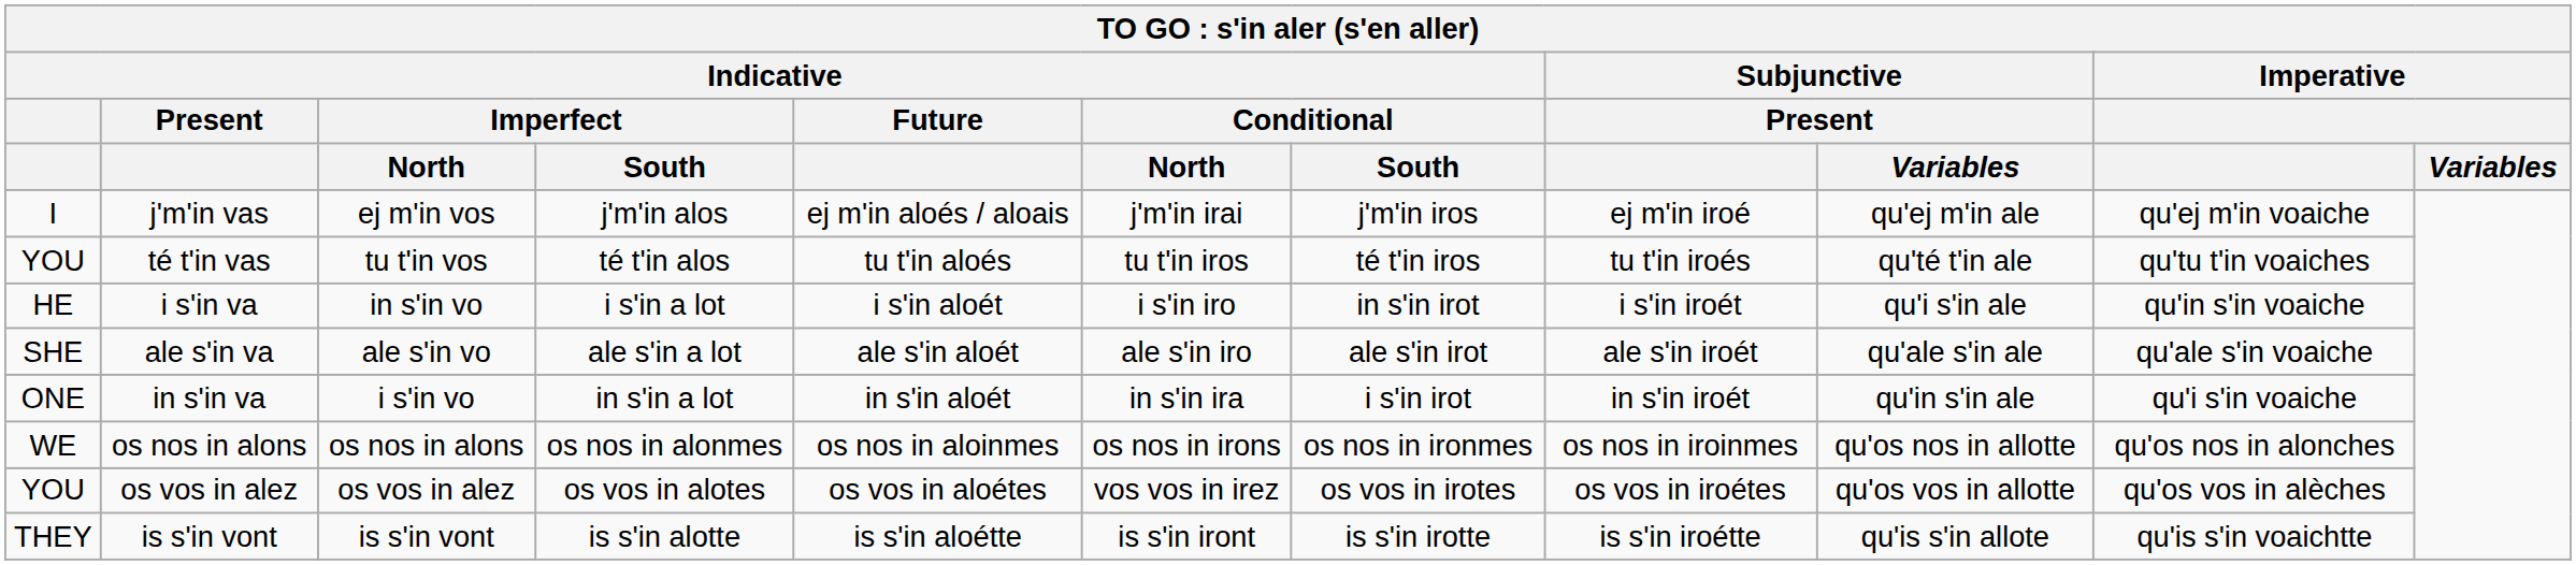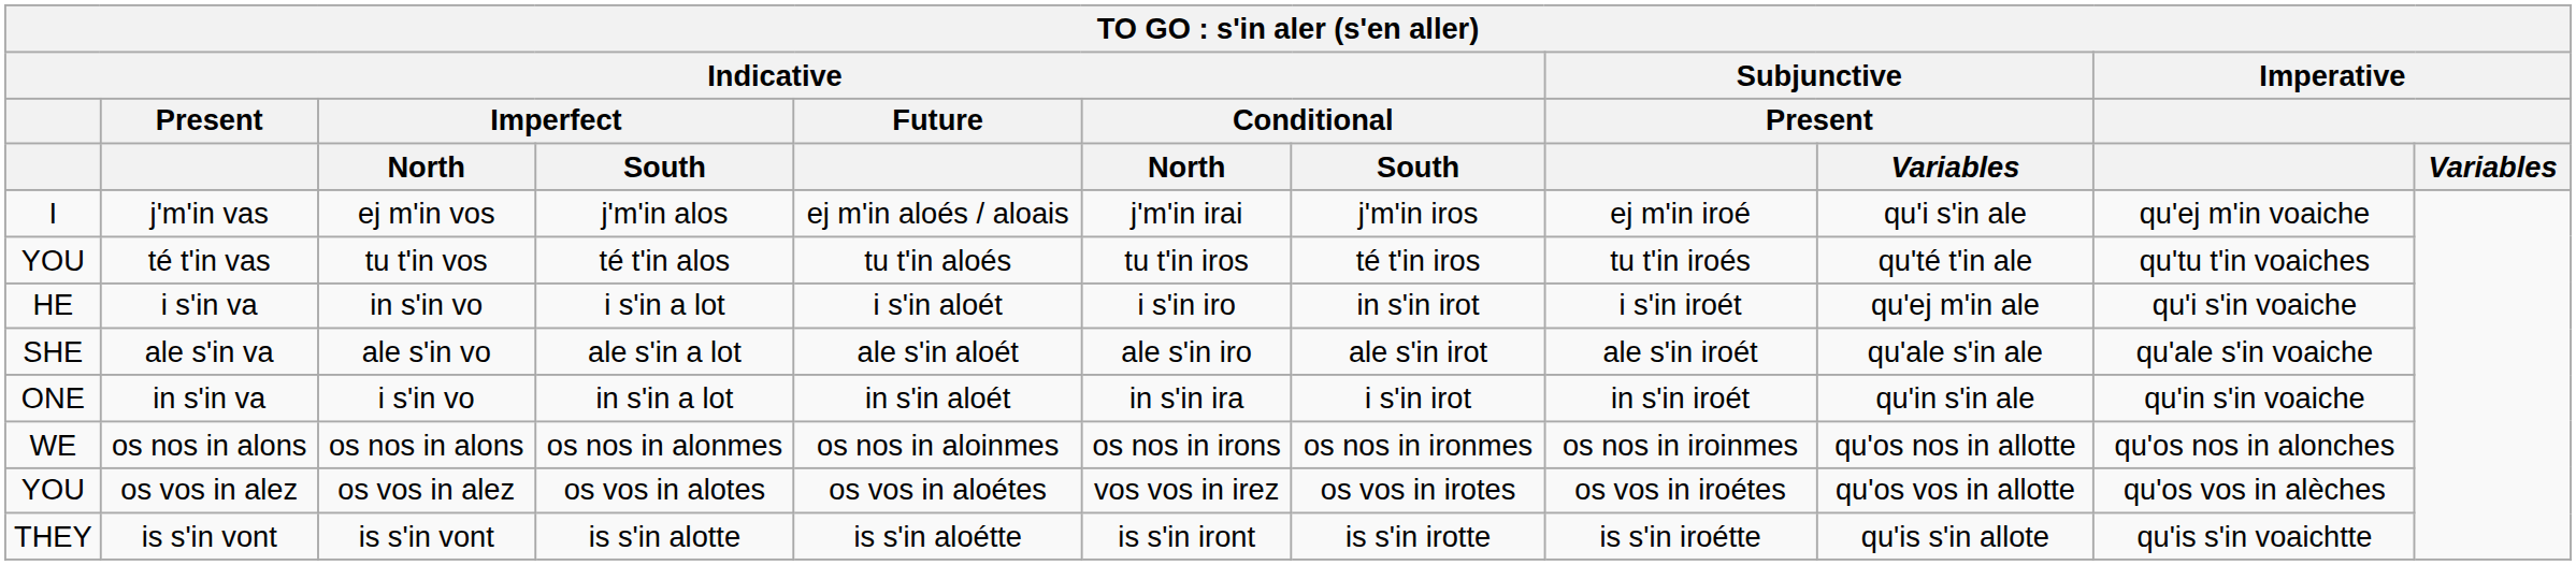 <table class="wikitable centre" style="width:100%;text-align:center;font-size:90%;">
 <tr>
 <th colspan="11" width=100%>TO GO : s'in aler (s'en aller)</th>
 </tr>
 <tr>
 <th colspan="7" width=60%>Indicative</th>
 <th colspan="2">Subjunctive</th>
 <th colspan="2">Imperative</th>
 </tr>
 <tr>
 <th></th>
 <th>Present</th>
 <th colspan="2">Imperfect</th>
 <th>Future</th>
 <th colspan="2">Conditional</th>
 <th colspan="2">Present</th>
 <th colspan="2"></th>
 </tr>
 <tr>
 <th></th>
 <th></th>
 <th>North</th>
 <th>South</th>
 <th></th>
 <th>North</th>
 <th>South</th>
 <th></th>
 <th><em>Variables</em></th>
 <th></th>
 <th><em>Variables</em></th>
 </tr>
 <tr>
 <td>I</td>
 <td>j'm'in vas</td>
 <td>ej m'in vos</td>
 <td>j'm'in alos</td>
 <td>ej m'in aloés / aloais</td>
 <td>j'm'in irai</td>
 <td>j'm'in iros</td>
 <td>ej m'in iroé</td>
-<td>qu'ej m'in ale</td>
+<td>qu'i s'in ale</td>
 <td>qu'ej m'in voaiche</td>
 </tr>
 <tr>
 <td>YOU</td>
 <td>té t'in vas</td>
 <td>tu t'in vos</td>
 <td>té t'in alos</td>
 <td>tu t'in aloés</td>
 <td>tu t'in iros</td>
 <td>té t'in iros</td>
 <td>tu t'in iroés</td>
 <td>qu'té t'in ale</td>
 <td>qu'tu t'in voaiches</td>
 </tr>
 <tr>
 <td>HE</td>
 <td>i s'in va</td>
 <td>in s'in vo</td>
 <td>i s'in a lot</td>
 <td>i s'in aloét</td>
 <td>i s'in iro</td>
 <td>in s'in irot</td>
 <td>i s'in iroét</td>
-<td>qu'i s'in ale</td>
-<td>qu'in s'in voaiche</td>
+<td>qu'ej m'in ale</td>
+<td>qu'i s'in voaiche</td>
 </tr>
 <tr>
 <td>SHE</td>
 <td>ale s'in va</td>
 <td>ale s'in vo</td>
 <td>ale s'in a lot</td>
 <td>ale s'in aloét</td>
 <td>ale s'in iro</td>
 <td>ale s'in irot</td>
 <td>ale s'in iroét</td>
 <td>qu'ale s'in ale</td>
 <td>qu'ale s'in voaiche</td>
 </tr>
 <tr>
 <td>ONE</td>
 <td>in s'in va</td>
 <td>i s'in vo</td>
 <td>in s'in a lot</td>
 <td>in s'in aloét</td>
 <td>in s'in ira</td>
 <td>i s'in irot</td>
 <td>in s'in iroét</td>
 <td>qu'in s'in ale</td>
-<td>qu'i s'in voaiche</td>
+<td>qu'in s'in voaiche</td>
 </tr>
 <tr>
 <td>WE</td>
 <td>os nos in alons</td>
 <td>os nos in alons</td>
 <td>os nos in alonmes</td>
 <td>os nos in aloinmes</td>
 <td>os nos in irons</td>
 <td>os nos in ironmes</td>
 <td>os nos in iroinmes</td>
 <td>qu'os nos in allotte</td>
 <td>qu'os nos in alonches</td>
 </tr>
 <tr>
 <td>YOU</td>
 <td>os vos in alez</td>
 <td>os vos in alez</td>
 <td>os vos in alotes</td>
 <td>os vos in aloétes</td>
 <td>vos vos in irez</td>
 <td>os vos in irotes</td>
 <td>os vos in iroétes</td>
 <td>qu'os vos in allotte</td>
 <td>qu'os vos in alèches</td>
 </tr>
 <tr>
 <td>THEY</td>
 <td>is s'in vont</td>
 <td>is s'in vont</td>
 <td>is s'in alotte</td>
 <td>is s'in aloétte</td>
 <td>is s'in iront</td>
 <td>is s'in irotte</td>
 <td>is s'in iroétte</td>
 <td>qu'is s'in allote</td>
 <td>qu'is s'in voaichtte</td>
 </tr>
 </table>
